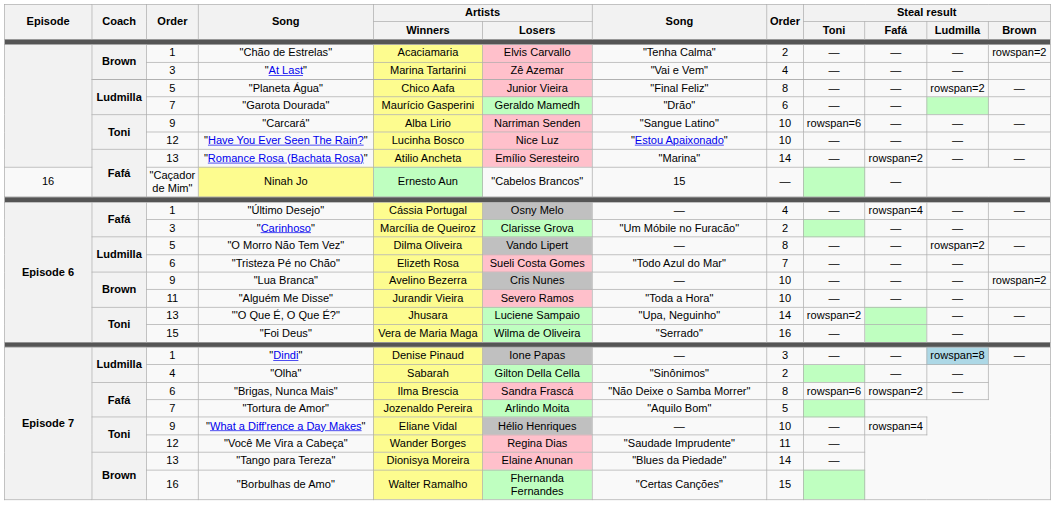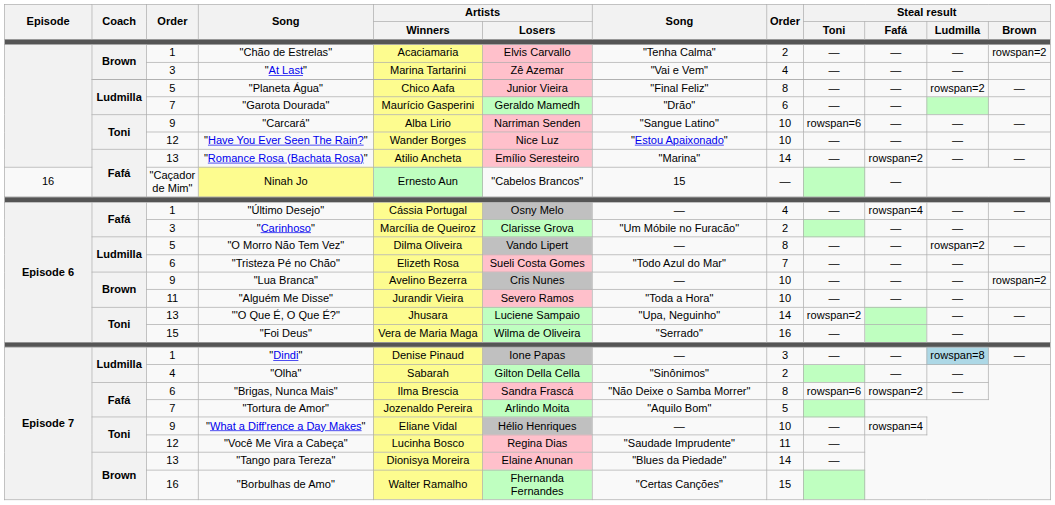 <table class="wikitable" style="text-align:center; width:120%;">
 <tr>
 <th scope="col" width="08.0%" rowspan=2>Episode</th>
 <th scope="col" width="05.0%" rowspan=2>Coach</th>
 <th scope="col" width="02.5%" rowspan=2>Order</th>
 <th scope="col" width="16.0%" rowspan=2>Song</th>
 <th scope="col" width="20.0%" colspan=2>Artists</th>
 <th scope="col" width="16.0%" rowspan=2>Song</th>
 <th scope="col" width="02.5%" rowspan=2>Order</th>
 <th scope="col" width="20.0%" colspan=4>Steal result</th>
 </tr>
 <tr>
 <th scope="col" width="10%">Winners</th>
 <th scope="col" width="10%">Losers</th>
 <th scope="col" width="05%">Toni</th>
 <th scope="col" width="05%">Fafá</th>
 <th scope="col" width="05%">Ludmilla</th>
 <th scope="col" width="05%">Brown</th>
 </tr>
 <tr>
 <td colspan=12 bgcolor=555555></td>
 </tr>
 <tr>
 <th rowspan=8></th>
 <th rowspan=2>Brown</th>
 <td>1</td>
 <td>"Chão de Estrelas"</td>
 <td bgcolor=FDFC8F>Acaciamaria</td>
 <td bgcolor=FFC0CB>Elvis Carvallo</td>
 <td>"Tenha Calma"</td>
 <td>2</td>
 <td>—</td>
 <td>—</td>
 <td>—</td>
 <td>rowspan=2 </td>
 </tr>
 <tr>
 <td>3</td>
 <td>"<a href='#'>At Last</a>"</td>
 <td bgcolor=FDFC8F>Marina Tartarini</td>
 <td bgcolor=FFC0CB>Zê Azemar</td>
 <td>"Vai e Vem"</td>
 <td>4</td>
 <td>—</td>
 <td>—</td>
 <td>—</td>
 </tr>
 <tr>
 </tr>
 <tr>
 <th rowspan=2>Ludmilla</th>
 <td>5</td>
 <td>"Planeta Água"</td>
 <td bgcolor=FDFC8F>Chico Aafa</td>
 <td bgcolor=FFC0CB>Junior Vieira</td>
 <td>"Final Feliz"</td>
 <td>8</td>
 <td>—</td>
 <td>—</td>
 <td>rowspan=2 </td>
 <td>—</td>
 </tr>
 <tr>
 <td>7</td>
 <td>"Garota Dourada"</td>
 <td bgcolor=FDFC8F>Maurício Gasperini</td>
 <td bgcolor=BFFFC0>Geraldo Mamedh</td>
 <td>"Drão"</td>
 <td>6</td>
 <td>—</td>
 <td>—</td>
 <td bgcolor=BFFFC0><strong></strong></td>
 </tr>
 <tr>
 <th rowspan=2>Toni</th>
 <td>9</td>
 <td>"Carcará"</td>
 <td bgcolor=FDFC8F>Alba Lirio</td>
 <td bgcolor=FFC0CB>Narriman Senden</td>
 <td>"Sangue Latino"</td>
 <td>10</td>
 <td>rowspan=6 </td>
 <td>—</td>
 <td>—</td>
 <td>—</td>
 </tr>
 <tr>
 <td>12</td>
 <td>"<a href='#'>Have You Ever Seen The Rain?</a>"</td>
-<td bgcolor=FDFC8F>Lucinha Bosco</td>
+<td bgcolor=FDFC8F>Wander Borges</td>
 <td bgcolor=FFC0CB>Nice Luz</td>
 <td>"<a href='#'>Estou Apaixonado</a>"</td>
 <td>10</td>
 <td>—</td>
 <td>—</td>
 <td>—</td>
 </tr>
 <tr>
 <th rowspan=2>Fafá</th>
 <td>13</td>
 <td>"<a href='#'>Romance Rosa (Bachata Rosa)</a>"</td>
 <td bgcolor=FDFC8F>Atilio Ancheta</td>
 <td bgcolor=FFC0CB>Emílio Seresteiro</td>
 <td>"Marina"</td>
 <td>14</td>
 <td>—</td>
 <td>rowspan=2 </td>
 <td>—</td>
 <td>—</td>
 </tr>
 <tr>
 <td>16</td>
 <td>"Caçador de Mim"</td>
 <td bgcolor=FDFC8F>Ninah Jo</td>
 <td bgcolor=BFFFC0>Ernesto Aun</td>
 <td>"Cabelos Brancos"</td>
 <td>15</td>
 <td>—</td>
 <td bgcolor=BFFFC0><strong></strong></td>
 <td>—</td>
 </tr>
 <tr>
 <td colspan=12 bgcolor=555555></td>
 </tr>
 <tr>
 <th rowspan=8>Episode 6<br></th>
 <th rowspan=2>Fafá</th>
 <td>1</td>
 <td>"Último Desejo"</td>
 <td bgcolor=FDFC8F>Cássia Portugal</td>
 <td bgcolor=C0C0C0>Osny Melo</td>
 <td>—</td>
 <td>4</td>
 <td>—</td>
 <td>rowspan=4</td>
 <td>—</td>
 <td>—</td>
 </tr>
 <tr>
 <td>3</td>
 <td>"<a href='#'>Carinhoso</a>"</td>
 <td bgcolor=FDFC8F>Marcília de Queiroz</td>
 <td bgcolor=BFFFC0>Clarisse Grova</td>
 <td>"Um Móbile no Furacão"</td>
 <td>2</td>
 <td bgcolor=BFFFC0><strong></strong></td>
 <td>—</td>
 <td>—</td>
 </tr>
 <tr>
 <th rowspan=2>Ludmilla</th>
 <td>5</td>
 <td>"O Morro Não Tem Vez"</td>
 <td bgcolor=FDFC8F>Dilma Oliveira</td>
 <td bgcolor=C0C0C0>Vando Lipert</td>
 <td>—</td>
 <td>8</td>
 <td>—</td>
 <td>—</td>
 <td>rowspan=2 </td>
 <td>—</td>
 </tr>
 <tr>
 <td>6</td>
 <td>"Tristeza Pé no Chão"</td>
 <td bgcolor=FDFC8F>Elizeth Rosa</td>
 <td bgcolor=FFC0CB>Sueli Costa Gomes</td>
 <td>"Todo Azul do Mar"</td>
 <td>7</td>
 <td>—</td>
 <td>—</td>
 <td>—</td>
 </tr>
 <tr>
 <th rowspan=2>Brown</th>
 <td>9</td>
 <td>"Lua Branca"</td>
 <td bgcolor=FDFC8F>Avelino Bezerra</td>
 <td bgcolor=C0C0C0>Cris Nunes</td>
 <td>—</td>
 <td>10</td>
 <td>—</td>
 <td>—</td>
 <td>—</td>
 <td>rowspan=2 </td>
 </tr>
 <tr>
 <td>11</td>
 <td>"Alguém Me Disse"</td>
 <td bgcolor=FDFC8F>Jurandir Vieira</td>
 <td bgcolor=FFC0CB>Severo Ramos</td>
 <td>"Toda a Hora"</td>
 <td>10</td>
 <td>—</td>
 <td>—</td>
 <td>—</td>
 </tr>
 <tr>
 <th rowspan=2>Toni</th>
 <td>13</td>
 <td>"'O Que É, O Que É?"</td>
 <td bgcolor=FDFC8F>Jhusara</td>
 <td bgcolor=BFFFC0>Luciene Sampaio</td>
 <td>"Upa, Neguinho"</td>
 <td>14</td>
 <td>rowspan=2 </td>
 <td bgcolor=BFFFC0><strong></strong></td>
 <td>—</td>
 <td>—</td>
 </tr>
 <tr>
 <td>15</td>
 <td>"Foi Deus"</td>
 <td bgcolor=FDFC8F>Vera de Maria Maga</td>
 <td bgcolor=BFFFC0>Wilma de Oliveira</td>
 <td>"Serrado"</td>
 <td>16</td>
 <td>—</td>
 <td bgcolor=BFFFC0><strong></strong></td>
 <td>—</td>
 </tr>
 <tr>
 <td colspan=12 bgcolor=555555></td>
 </tr>
 <tr>
 <th rowspan=8>Episode 7<br></th>
 <th rowspan=2>Ludmilla</th>
 <td>1</td>
 <td>"<a href='#'>Dindi</a>"</td>
 <td bgcolor=FDFC8F>Denise Pinaud</td>
 <td bgcolor=C0C0C0>Ione Papas</td>
 <td>—</td>
 <td>3</td>
 <td>—</td>
 <td>—</td>
 <td style="background: lightblue;">rowspan=8 </td>
 <td>—</td>
 </tr>
 <tr>
 <td>4</td>
 <td>"Olha"</td>
 <td bgcolor=FDFC8F>Sabarah</td>
 <td bgcolor=BFFFC0>Gilton Della Cella</td>
 <td>"Sinônimos"</td>
 <td>2</td>
 <td bgcolor=BFFFC0><strong></strong></td>
 <td>—</td>
 <td>—</td>
 </tr>
 <tr>
 <th rowspan=2>Fafá</th>
 <td>6</td>
 <td>"Brigas, Nunca Mais"</td>
 <td bgcolor=FDFC8F>Ilma Brescia</td>
 <td bgcolor=FFC0CB>Sandra Frascá</td>
 <td>"Não Deixe o Samba Morrer"</td>
 <td>8</td>
 <td>rowspan=6 </td>
 <td>rowspan=2 </td>
 <td>—</td>
 </tr>
 <tr>
 <td>7</td>
 <td>"Tortura de Amor"</td>
 <td bgcolor=FDFC8F>Jozenaldo Pereira</td>
 <td bgcolor=BFFFC0>Arlindo Moita</td>
 <td>"Aquilo Bom"</td>
 <td>5</td>
 <td bgcolor=BFFFC0><strong></strong></td>
 </tr>
 <tr>
 <th rowspan=2>Toni</th>
 <td>9</td>
 <td>"<a href='#'>What a Diff'rence a Day Makes</a>"</td>
 <td bgcolor=FDFC8F>Eliane Vidal</td>
 <td bgcolor=C0C0C0>Hélio Henriques</td>
 <td>—</td>
 <td>10</td>
 <td>—</td>
 <td>rowspan=4</td>
 </tr>
 <tr>
 <td>12</td>
 <td>"Você Me Vira a Cabeça"</td>
-<td bgcolor=FDFC8F>Wander Borges</td>
+<td bgcolor=FDFC8F>Lucinha Bosco</td>
 <td bgcolor=FFC0CB>Regina Dias</td>
 <td>"Saudade Imprudente"</td>
 <td>11</td>
 <td>—</td>
 </tr>
 <tr>
 <th rowspan=2>Brown</th>
 <td>13</td>
 <td>"Tango para Tereza"</td>
 <td bgcolor=FDFC8F>Dionisya Moreira</td>
 <td bgcolor=FFC0CB>Elaine Anunan</td>
 <td>"Blues da Piedade"</td>
 <td>14</td>
 <td>—</td>
 </tr>
 <tr>
 <td>16</td>
 <td>"Borbulhas de Amo"</td>
 <td bgcolor=FDFC8F>Walter Ramalho</td>
 <td bgcolor=BFFFC0>Fhernanda Fernandes</td>
 <td>"Certas Canções"</td>
 <td>15</td>
 <td bgcolor=BFFFC0><strong></strong></td>
 </tr>
 </table>
